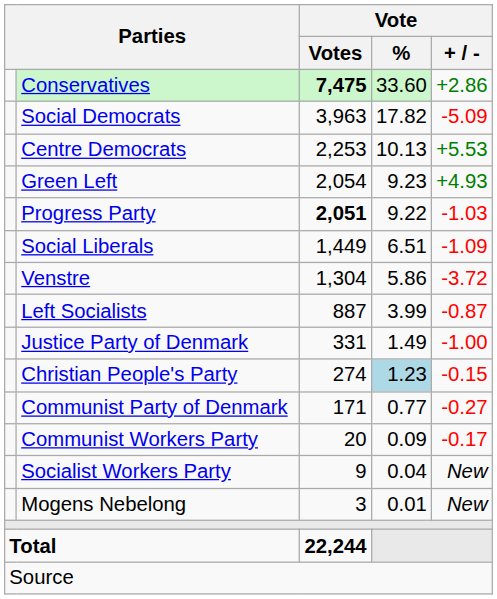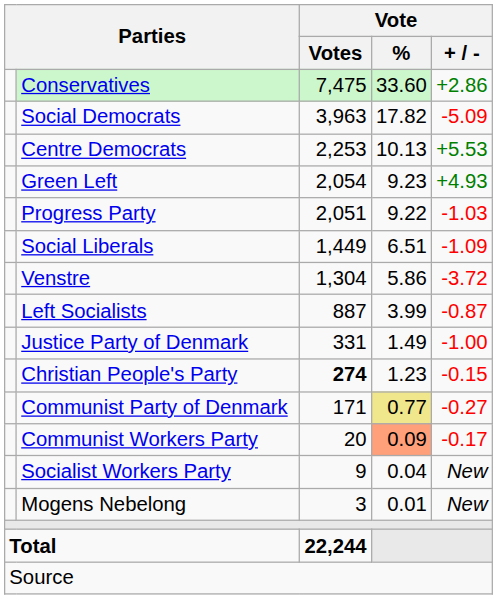 <table class="wikitable" style="text-align:right;">
 <tr>
 <th style="text-align:centre;" rowspan="2" colspan="2" width="225">Parties</th>
 <th colspan="3">Vote</th>
 </tr>
 <tr>
 <th width="15">Votes</th>
 <th width="15">%</th>
 <th width="15">+ / -</th>
 </tr>
 <tr>
 <td width="2" style="color:inherit;background:"></td>
 <td bgcolor=#ccf7cc  align="left"><a href='#'>Conservatives</a></td>
-<td bgcolor=#ccf7cc><strong>7,475</strong></td>
+<td bgcolor=#ccf7cc>7,475</td>
 <td bgcolor=#ccf7cc>33.60</td>
 <td style=color:green;>+2.86</td>
 </tr>
 <tr>
 <td width="2" style="color:inherit;background:"></td>
 <td align="left"><a href='#'>Social Democrats</a></td>
 <td>3,963</td>
 <td>17.82</td>
 <td style=color:red;>-5.09</td>
 </tr>
 <tr>
 <td width="2" style="color:inherit;background:"></td>
 <td align="left"><a href='#'>Centre Democrats</a></td>
 <td>2,253</td>
 <td>10.13</td>
 <td style=color:green;>+5.53</td>
 </tr>
 <tr>
 <td width="2" style="color:inherit;background:"></td>
 <td align="left"><a href='#'>Green Left</a></td>
 <td>2,054</td>
 <td>9.23</td>
 <td style=color:green;>+4.93</td>
 </tr>
 <tr>
 <td width="2" style="color:inherit;background:"></td>
 <td align="left"><a href='#'>Progress Party</a></td>
-<td><strong>2,051</strong></td>
+<td>2,051</td>
 <td>9.22</td>
 <td style=color:red;>-1.03</td>
 </tr>
 <tr>
 <td width="2" style="color:inherit;background:"></td>
 <td align="left"><a href='#'>Social Liberals</a></td>
 <td>1,449</td>
 <td>6.51</td>
 <td style=color:red;>-1.09</td>
 </tr>
 <tr>
 <td width="2" style="color:inherit;background:"></td>
 <td align="left"><a href='#'>Venstre</a></td>
 <td>1,304</td>
 <td>5.86</td>
 <td style=color:red;>-3.72</td>
 </tr>
 <tr>
 <td width="2" style="color:inherit;background:"></td>
 <td align="left"><a href='#'>Left Socialists</a></td>
 <td>887</td>
 <td>3.99</td>
 <td style=color:red;>-0.87</td>
 </tr>
 <tr>
 <td width="2" style="color:inherit;background:"></td>
 <td align="left"><a href='#'>Justice Party of Denmark</a></td>
 <td>331</td>
 <td>1.49</td>
 <td style=color:red;>-1.00</td>
 </tr>
 <tr>
 <td width="2" style="color:inherit;background:"></td>
 <td align="left"><a href='#'>Christian People's Party</a></td>
-<td>274</td>
-<td style="background: lightblue;">1.23</td>
+<td><strong>274</strong></td>
+<td>1.23</td>
 <td style=color:red;>-0.15</td>
 </tr>
 <tr>
 <td width="2" style="color:inherit;background:"></td>
 <td align="left"><a href='#'>Communist Party of Denmark</a></td>
 <td>171</td>
-<td>0.77</td>
+<td style="background: khaki;">0.77</td>
 <td style=color:red;>-0.27</td>
 </tr>
 <tr>
 <td width="2" style="color:inherit;background:"></td>
 <td align="left"><a href='#'>Communist Workers Party</a></td>
 <td>20</td>
-<td>0.09</td>
+<td style="background: lightsalmon;">0.09</td>
 <td style=color:red;>-0.17</td>
 </tr>
 <tr>
 <td width="2" style="color:inherit;background:"></td>
 <td align="left"><a href='#'>Socialist Workers Party</a></td>
 <td>9</td>
 <td>0.04</td>
 <td><em>New</em></td>
 </tr>
 <tr>
 <td width="2" style="color:inherit;background:"></td>
 <td align="left">Mogens Nebelong</td>
 <td>3</td>
 <td>0.01</td>
 <td><em>New</em></td>
 </tr>
 <tr>
 <td colspan="7" bgcolor="#E9E9E9"></td>
 </tr>
 <tr>
 <td align="left" colspan="2"><strong>Total</strong></td>
 <td><strong>22,244</strong></td>
 <td bgcolor="#E9E9E9" colspan="2"></td>
 </tr>
 <tr>
 <td align="left" colspan="6">Source</td>
 </tr>
 </table>
